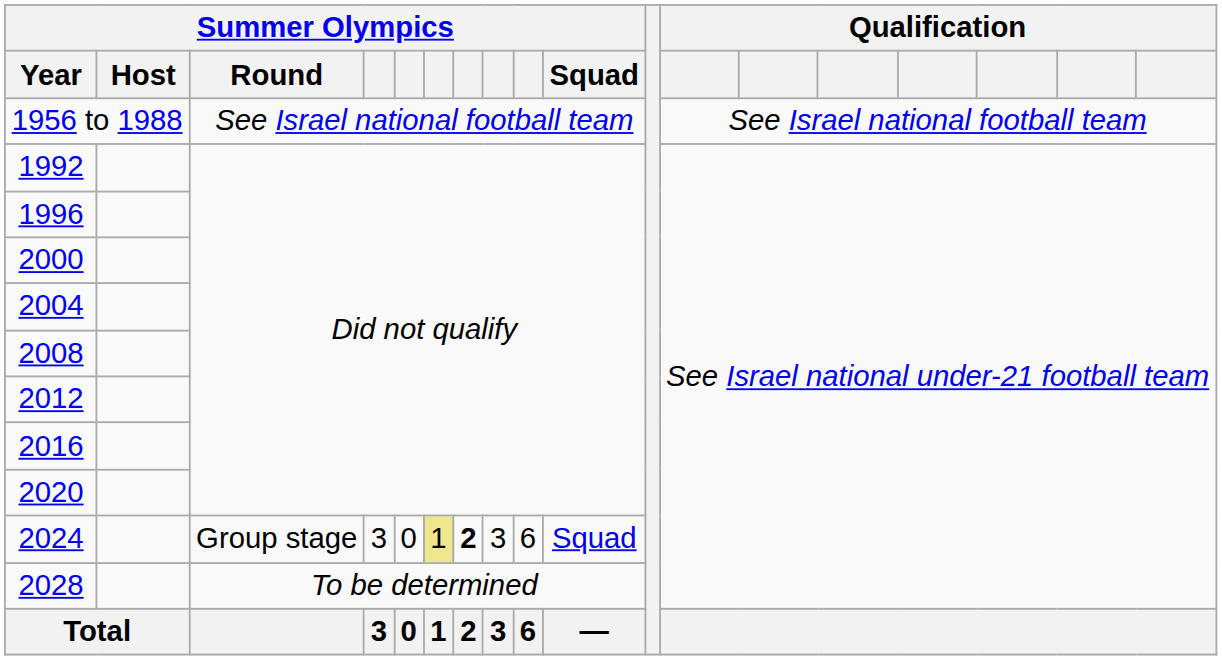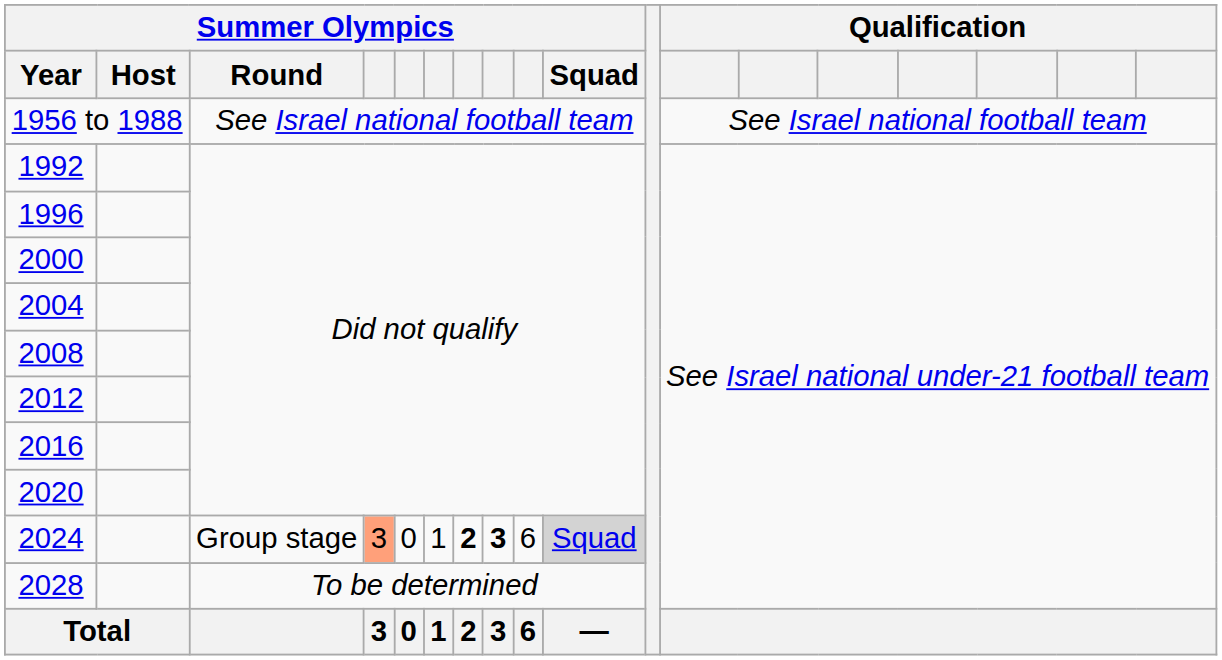 <table class="wikitable" style="text-align: center;font-size:100%;">
 <tr>
 <th colspan="10"><a href='#'>Summer Olympics</a></th>
 <th rowspan="25"></th>
 <th colspan="7">Qualification</th>
 </tr>
 <tr>
 <th>Year</th>
 <th>Host</th>
 <th>Round</th>
 <th></th>
 <th></th>
 <th></th>
 <th></th>
 <th></th>
 <th></th>
 <th>Squad</th>
 <th></th>
 <th></th>
 <th></th>
 <th></th>
 <th></th>
 <th></th>
 <th></th>
 </tr>
 <tr>
 <td colspan="2"><a href='#'>1956</a> to <a href='#'>1988</a></td>
 <td colspan="9"><em>See <a href='#'>Israel national football team</a></em></td>
 <td colspan="7"><em>See <a href='#'>Israel national football team</a></em></td>
 </tr>
 <tr>
 <td><a href='#'>1992</a></td>
 <td align=left></td>
 <td colspan="9" rowspan="8"><em>Did not qualify</em></td>
 <td colspan="7" rowspan="10"><em>See <a href='#'>Israel national under-21 football team</a></em></td>
 </tr>
 <tr>
 <td><a href='#'>1996</a></td>
 <td align=left></td>
 </tr>
 <tr>
 <td><a href='#'>2000</a></td>
 <td align=left></td>
 </tr>
 <tr>
 <td><a href='#'>2004</a></td>
 <td align=left></td>
 </tr>
 <tr>
 <td><a href='#'>2008</a></td>
 <td align=left></td>
 </tr>
 <tr>
 <td><a href='#'>2012</a></td>
 <td align=left></td>
 </tr>
 <tr>
 <td><a href='#'>2016</a></td>
 <td align=left></td>
 </tr>
 <tr>
 <td><a href='#'>2020</a></td>
 <td align=left></td>
 </tr>
 <tr>
 <td><a href='#'>2024</a></td>
 <td align=left></td>
 <td>Group stage</td>
-<td>3</td>
+<td style="background: lightsalmon;">3</td>
 <td>0</td>
-<td style="background: khaki;">1</td>
+<td>1</td>
 <td><strong>2</strong></td>
-<td>3</td>
+<td><strong>3</strong></td>
 <td>6</td>
-<td><a href='#'>Squad</a></td>
+<td style="background: lightgrey;"><a href='#'>Squad</a></td>
 </tr>
 <tr>
 <td><a href='#'>2028</a></td>
 <td align=left></td>
 <td colspan="9"><em>To be determined</em></td>
 </tr>
 <tr>
 <th colspan="2">Total</th>
 <th></th>
 <th>3</th>
 <th>0</th>
 <th>1</th>
 <th>2</th>
 <th>3</th>
 <th>6</th>
 <th>—</th>
 <th colspan="7"></th>
 </tr>
 </table>
